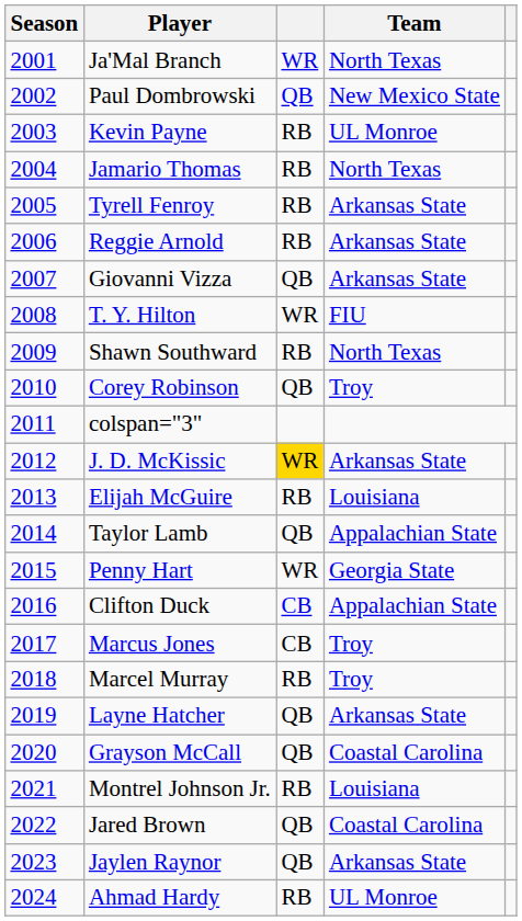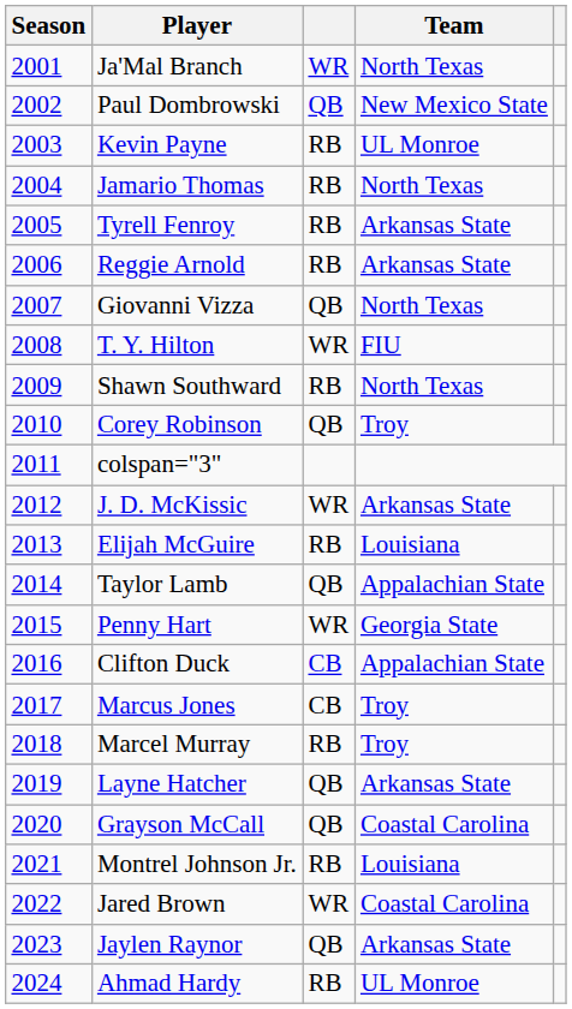 <table class="wikitable sortable">
 <tr>
 <th>Season</th>
 <th>Player</th>
 <th></th>
 <th>Team</th>
 <th></th>
 </tr>
 <tr>
 <td><a href='#'>2001</a></td>
 <td>Ja'Mal Branch</td>
 <td><a href='#'>WR</a></td>
 <td><a href='#'>North Texas</a></td>
 <td></td>
 </tr>
 <tr>
 <td><a href='#'>2002</a></td>
 <td>Paul Dombrowski</td>
 <td><a href='#'>QB</a></td>
 <td><a href='#'>New Mexico State</a></td>
 <td></td>
 </tr>
 <tr>
 <td><a href='#'>2003</a></td>
 <td><a href='#'>Kevin Payne</a></td>
 <td>RB</td>
 <td><a href='#'>UL Monroe</a></td>
 <td></td>
 </tr>
 <tr>
 <td><a href='#'>2004</a></td>
 <td><a href='#'>Jamario Thomas</a></td>
 <td>RB</td>
 <td><a href='#'>North Texas</a></td>
 <td></td>
 </tr>
 <tr>
 <td><a href='#'>2005</a></td>
 <td><a href='#'>Tyrell Fenroy</a></td>
 <td>RB</td>
 <td><a href='#'>Arkansas State</a></td>
 <td></td>
 </tr>
 <tr>
 <td><a href='#'>2006</a></td>
 <td><a href='#'>Reggie Arnold</a></td>
 <td>RB</td>
 <td><a href='#'>Arkansas State</a></td>
 <td></td>
 </tr>
 <tr>
 <td><a href='#'>2007</a></td>
 <td>Giovanni Vizza</td>
 <td>QB</td>
-<td><a href='#'>Arkansas State</a></td>
+<td><a href='#'>North Texas</a></td>
 <td></td>
 </tr>
 <tr>
 <td><a href='#'>2008</a></td>
 <td><a href='#'>T. Y. Hilton</a></td>
 <td>WR</td>
 <td><a href='#'>FIU</a></td>
 <td></td>
 </tr>
 <tr>
 <td><a href='#'>2009</a></td>
 <td>Shawn Southward</td>
 <td>RB</td>
 <td><a href='#'>North Texas</a></td>
 <td></td>
 </tr>
 <tr>
 <td><a href='#'>2010</a></td>
 <td><a href='#'>Corey Robinson</a></td>
 <td>QB</td>
 <td><a href='#'>Troy</a></td>
 <td></td>
 </tr>
 <tr>
 <td><a href='#'>2011</a></td>
 <td>colspan="3" </td>
 <td></td>
 </tr>
 <tr>
 <td><a href='#'>2012</a></td>
 <td><a href='#'>J. D. McKissic</a></td>
-<td style="background: gold;">WR</td>
+<td>WR</td>
 <td><a href='#'>Arkansas State</a></td>
 <td></td>
 </tr>
 <tr>
 <td><a href='#'>2013</a></td>
 <td><a href='#'>Elijah McGuire</a></td>
 <td>RB</td>
 <td><a href='#'>Louisiana</a></td>
 <td></td>
 </tr>
 <tr>
 <td><a href='#'>2014</a></td>
 <td>Taylor Lamb</td>
 <td>QB</td>
 <td><a href='#'>Appalachian State</a></td>
 <td></td>
 </tr>
 <tr>
 <td><a href='#'>2015</a></td>
 <td><a href='#'>Penny Hart</a></td>
 <td>WR</td>
 <td><a href='#'>Georgia State</a></td>
 <td></td>
 </tr>
 <tr>
 <td><a href='#'>2016</a></td>
 <td>Clifton Duck</td>
 <td><a href='#'>CB</a></td>
 <td><a href='#'>Appalachian State</a></td>
 <td></td>
 </tr>
 <tr>
 <td><a href='#'>2017</a></td>
 <td><a href='#'>Marcus Jones</a></td>
 <td>CB</td>
 <td><a href='#'>Troy</a></td>
 <td></td>
 </tr>
 <tr>
 <td><a href='#'>2018</a></td>
 <td>Marcel Murray</td>
 <td>RB</td>
 <td><a href='#'>Troy</a></td>
 <td></td>
 </tr>
 <tr>
 <td><a href='#'>2019</a></td>
 <td><a href='#'>Layne Hatcher</a></td>
 <td>QB</td>
 <td><a href='#'>Arkansas State</a></td>
 <td></td>
 </tr>
 <tr>
 <td><a href='#'>2020</a></td>
 <td><a href='#'>Grayson McCall</a></td>
 <td>QB</td>
 <td><a href='#'>Coastal Carolina</a></td>
 <td></td>
 </tr>
 <tr>
 <td><a href='#'>2021</a></td>
 <td>Montrel Johnson Jr.</td>
 <td>RB</td>
 <td><a href='#'>Louisiana</a></td>
 <td></td>
 </tr>
 <tr>
 <td><a href='#'>2022</a></td>
 <td>Jared Brown</td>
-<td>QB</td>
+<td>WR</td>
 <td><a href='#'>Coastal Carolina</a></td>
 <td></td>
 </tr>
 <tr>
 <td><a href='#'>2023</a></td>
 <td><a href='#'>Jaylen Raynor</a></td>
 <td>QB</td>
 <td><a href='#'>Arkansas State</a></td>
 <td></td>
 </tr>
 <tr>
 <td><a href='#'>2024</a></td>
 <td><a href='#'>Ahmad Hardy</a></td>
 <td>RB</td>
 <td><a href='#'>UL Monroe</a></td>
 <td></td>
 </tr>
 </table>
